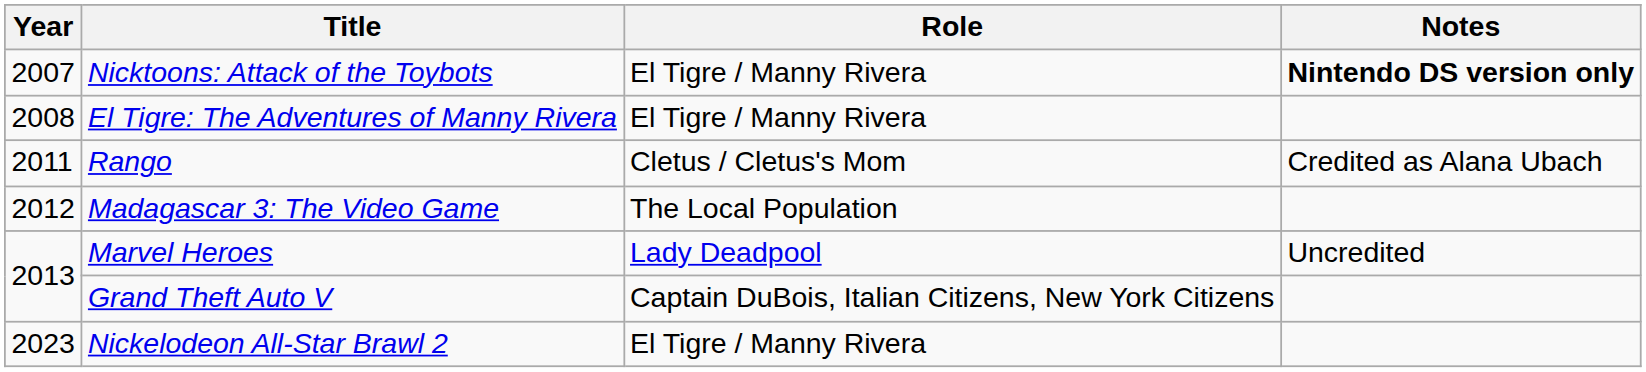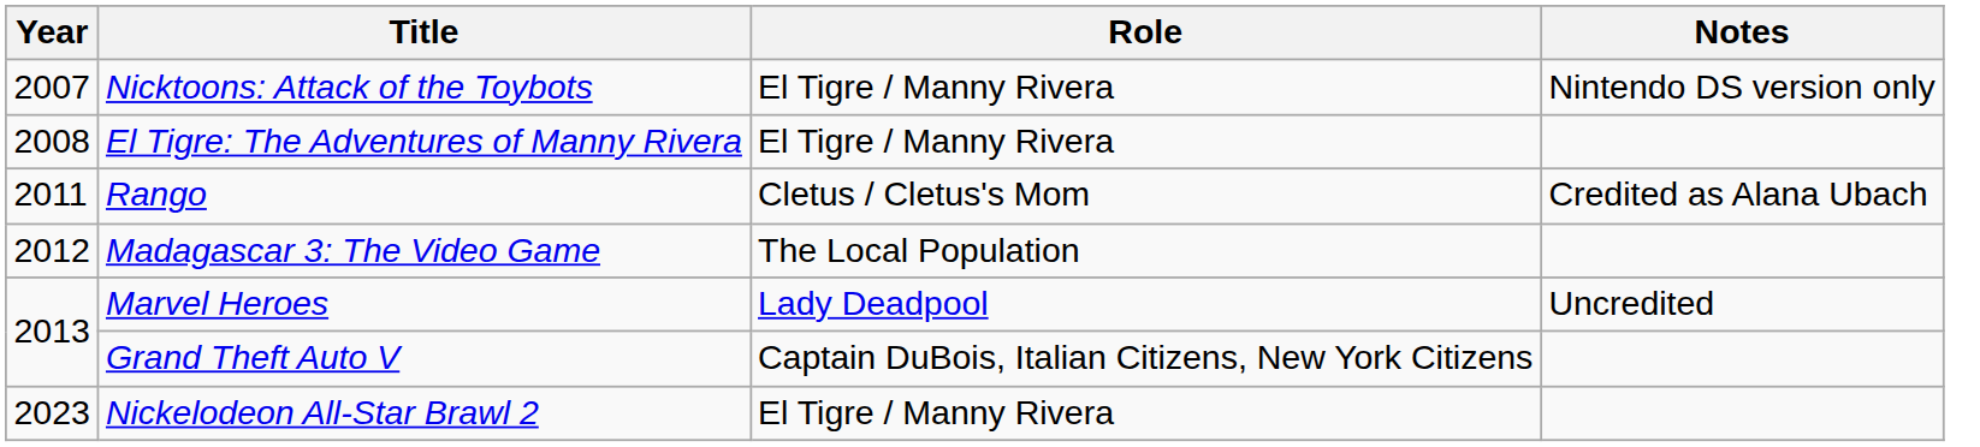 <table class="wikitable sortable">
 <tr>
 <th>Year</th>
 <th>Title</th>
 <th>Role</th>
 <th class="unsortable">Notes</th>
 </tr>
 <tr>
 <td>2007</td>
 <td><em><a href='#'>Nicktoons: Attack of the Toybots</a></em></td>
 <td>El Tigre / Manny Rivera</td>
-<td><strong>Nintendo DS version only</strong></td>
+<td>Nintendo DS version only</td>
 </tr>
 <tr>
 <td>2008</td>
 <td><em><a href='#'>El Tigre: The Adventures of Manny Rivera</a></em></td>
 <td>El Tigre / Manny Rivera</td>
 <td></td>
 </tr>
 <tr>
 <td>2011</td>
 <td><em><a href='#'>Rango</a></em></td>
 <td>Cletus / Cletus's Mom</td>
 <td>Credited as Alana Ubach</td>
 </tr>
 <tr>
 <td>2012</td>
 <td><em><a href='#'>Madagascar 3: The Video Game</a></em></td>
 <td>The Local Population</td>
 <td></td>
 </tr>
 <tr>
 <td rowspan=2>2013</td>
 <td><em><a href='#'>Marvel Heroes</a></em></td>
 <td><a href='#'>Lady Deadpool</a></td>
 <td>Uncredited</td>
 </tr>
 <tr>
 <td><em><a href='#'>Grand Theft Auto V</a></em></td>
 <td>Captain DuBois, Italian Citizens, New York Citizens</td>
 <td></td>
 </tr>
 <tr>
 <td>2023</td>
 <td><em><a href='#'>Nickelodeon All-Star Brawl 2</a></em></td>
 <td>El Tigre / Manny Rivera</td>
 <td></td>
 </tr>
 </table>
